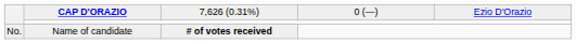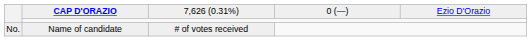 <table class="wikitable collapsible collapsed" style=text-align:left;font-size:90%>
 <tr>
 <th rowspan=2></th>
 <td bgcolor=efefef width=200 align=center><strong> <a href='#'>CAP D'ORAZIO</a></strong></td>
 <td bgcolor=efefef width=200 align=center>7,626 (0.31%)</td>
 <td bgcolor=efefef width=200 align=center>0 (—)</td>
 <td bgcolor=efefef width=200 align=center><a href='#'>Ezio D'Orazio</a></td>
 </tr>
 <tr>
 <td colspan=4 bgcolor=></td>
 </tr>
 <tr>
 <td bgcolor=efefef align=center>No.</td>
 <td bgcolor=efefef align=center>Name of candidate</td>
-<td bgcolor=efefef align=center><strong># of votes received</strong></td>
+<td bgcolor=efefef align=center># of votes received</td>
 </tr>
 </table>
